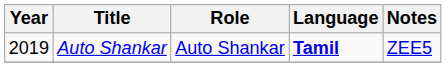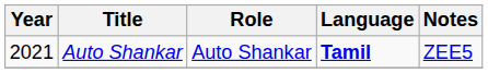 <table class="wikitable sortable">
 <tr>
 <th>Year</th>
 <th>Title</th>
 <th>Role</th>
 <th>Language</th>
 <th class="unsortable">Notes</th>
 </tr>
 <tr>
-<td>2019</td>
+<td>2021</td>
 <td><em><a href='#'>Auto Shankar</a></em></td>
 <td><a href='#'>Auto Shankar</a></td>
 <td><strong><a href='#'>Tamil</a></strong></td>
 <td><a href='#'>ZEE5</a></td>
 </tr>
 <tr>
 </tr>
 </table>
